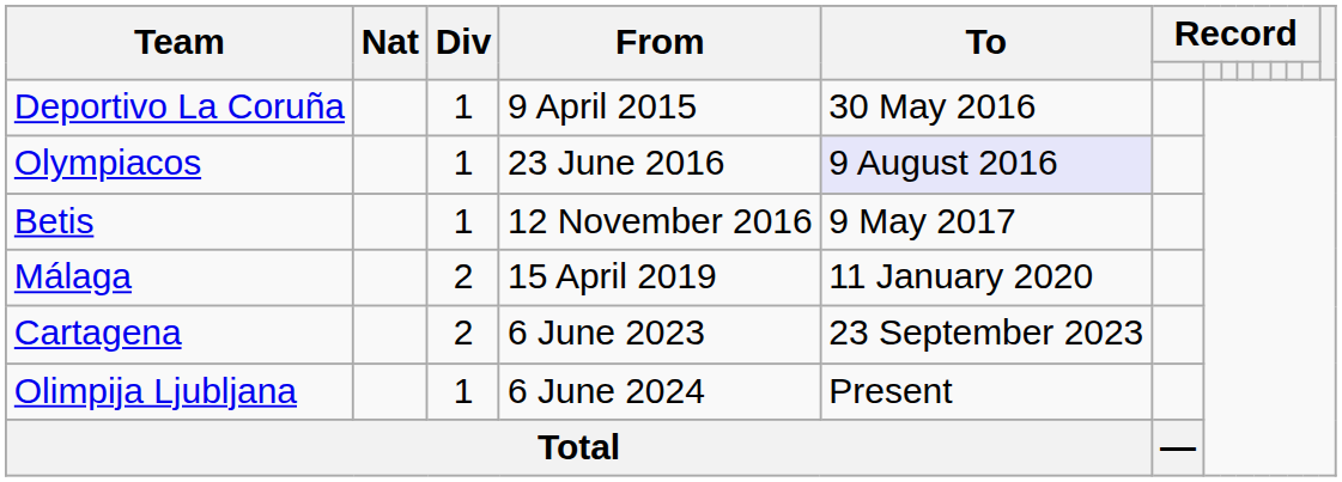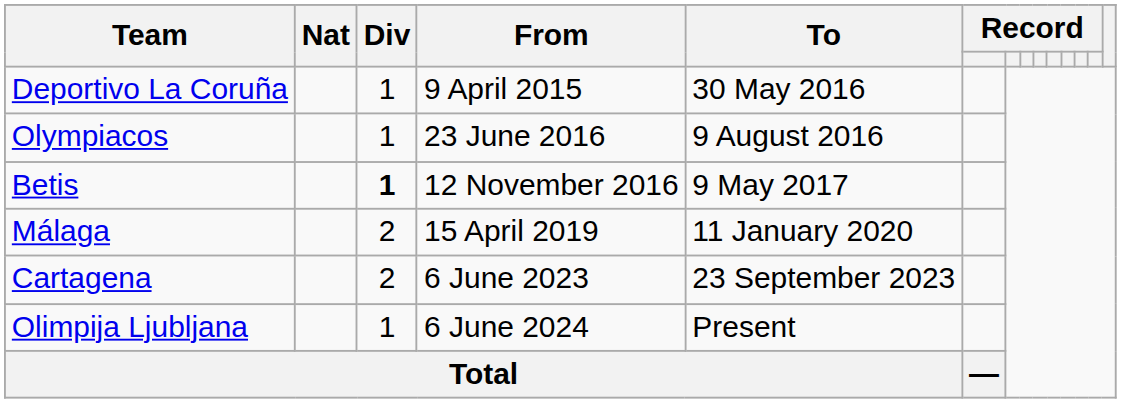 <table class="wikitable" style="text-align: center">
 <tr>
 <th rowspan="2">Team</th>
 <th rowspan="2">Nat</th>
 <th rowspan="2">Div</th>
 <th rowspan="2">From</th>
 <th rowspan="2">To</th>
 <th colspan="8">Record</th>
 <th rowspan=2></th>
 </tr>
 <tr>
 <th></th>
 <th></th>
 <th></th>
 <th></th>
 <th></th>
 <th></th>
 <th></th>
 <th></th>
 </tr>
 <tr>
 <td align=left><a href='#'>Deportivo La Coruña</a></td>
 <td></td>
 <td>1</td>
 <td align=left>9 April 2015</td>
 <td align=left>30 May 2016<br></td>
 <td></td>
 </tr>
 <tr>
 <td align=left><a href='#'>Olympiacos</a></td>
 <td></td>
 <td>1</td>
 <td align=left>23 June 2016</td>
-<td align=left style="background: lavender;">9 August 2016<br></td>
+<td align=left>9 August 2016<br></td>
 <td></td>
 </tr>
 <tr>
 <td align=left><a href='#'>Betis</a></td>
 <td></td>
-<td>1</td>
+<td><strong>1</strong></td>
 <td align=left>12 November 2016</td>
 <td align=left>9 May 2017<br></td>
 <td></td>
 </tr>
 <tr>
 <td align=left><a href='#'>Málaga</a></td>
 <td></td>
 <td>2</td>
 <td align=left>15 April 2019</td>
 <td align=left>11 January 2020<br></td>
 <td></td>
 </tr>
 <tr>
 <td align=left><a href='#'>Cartagena</a></td>
 <td></td>
 <td>2</td>
 <td align=left>6 June 2023</td>
 <td align=left>23 September 2023<br></td>
 <td></td>
 </tr>
 <tr>
 <td align=left><a href='#'>Olimpija Ljubljana</a></td>
 <td></td>
 <td>1</td>
 <td align=left>6 June 2024</td>
 <td align=left>Present<br></td>
 <td></td>
 </tr>
 <tr>
 <th colspan="5">Total<br></th>
 <th>—</th>
 </tr>
 </table>
